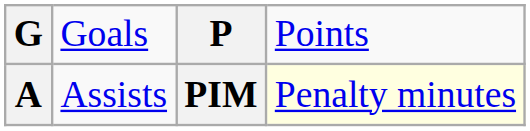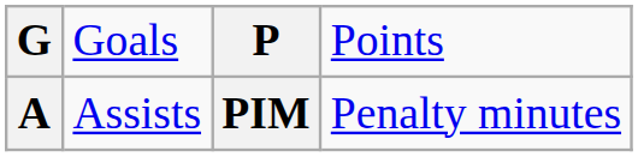 <table class="wikitable">
 <tr>
 <th>G</th>
 <td><a href='#'>Goals</a></td>
 <th>P</th>
 <td><a href='#'>Points</a></td>
 </tr>
 <tr>
 <th>A</th>
 <td><a href='#'>Assists</a></td>
 <th>PIM</th>
-<td style="background: lightyellow;"><a href='#'>Penalty minutes</a></td>
+<td><a href='#'>Penalty minutes</a></td>
 </tr>
 </table>
